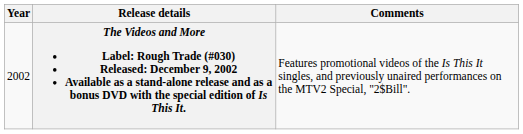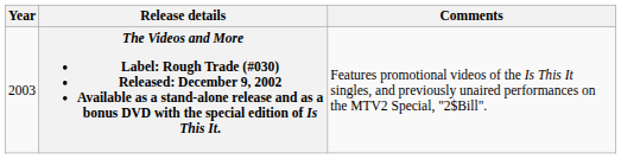 <table class="wikitable sortable plainrowheaders">
 <tr>
 <th style="width:10px;">Year</th>
 <th style="width:330px;">Release details</th>
 <th style="width:330px;">Comments</th>
 </tr>
 <tr>
-<td>2002</td>
+<td>2003</td>
 <th scope="row"><em>The Videos and More</em><br><ul><li>Label: Rough Trade (#030)</li><li>Released: December 9, 2002</li><li>Available as a stand-alone release and as a bonus DVD with the special edition of <em>Is This It</em>.</li></ul></th>
 <td>Features promotional videos of the <em>Is This It</em> singles, and previously unaired performances on the MTV2 Special, "2$Bill".</td>
 </tr>
 </table>
